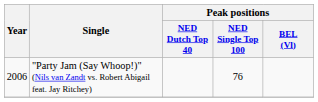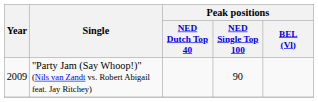 <table class="wikitable">
 <tr>
 <th align="center" rowspan="2" width="10">Year</th>
 <th align="center" rowspan="2" width="200">Single</th>
 <th align="center" colspan="3" width="20">Peak positions</th>
 </tr>
 <tr>
 <th scope="col" style="width:5em;font-size:90%;"><a href='#'>NED<br>Dutch Top 40</a><br></th>
 <th scope="col" style="width:5em;font-size:90%;"><a href='#'>NED<br>Single Top 100</a><br></th>
 <th scope="col" style="width:5em;font-size:90%;"><a href='#'>BEL<br>(Vl)</a><br></th>
 </tr>
 <tr>
-<td style="text-align:center;">2006</td>
+<td style="text-align:center;">2009</td>
 <td>"Party Jam (Say Whoop!)"<br><small>(<a href='#'>Nils van Zandt</a> vs. Robert Abigail feat. Jay Ritchey)</small></td>
 <td style="text-align:center;"></td>
-<td style="text-align:center;">76</td>
+<td style="text-align:center;">90</td>
 <td style="text-align:center;"></td>
 </tr>
 <tr>
 </tr>
 </table>
